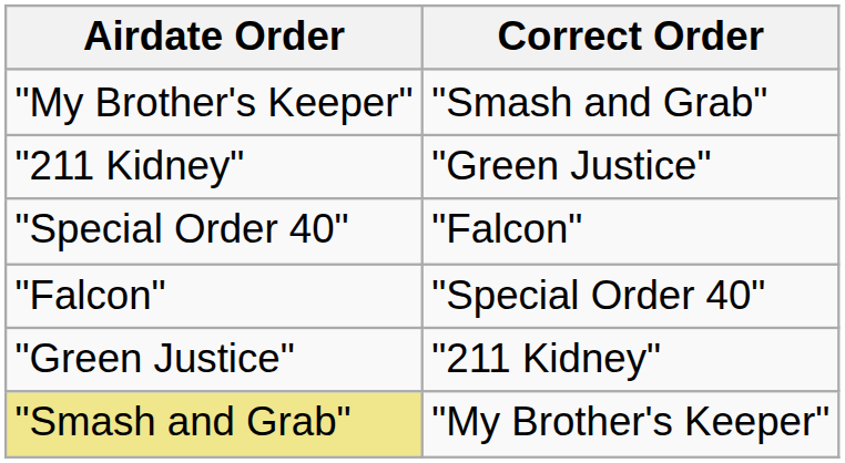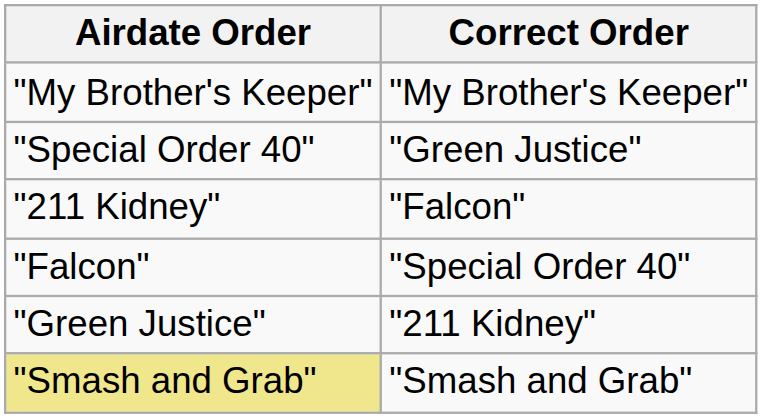 <table class="wikitable">
 <tr>
 <th>Airdate Order</th>
 <th>Correct Order</th>
 </tr>
 <tr>
 <td>"My Brother's Keeper"</td>
-<td>"Smash and Grab"</td>
+<td>"My Brother's Keeper"</td>
+</tr>
+<tr>
+<td>"Special Order 40"</td>
+<td>"Green Justice"</td>
 </tr>
 <tr>
 <td>"211 Kidney"</td>
-<td>"Green Justice"</td>
-</tr>
-<tr>
-<td>"Special Order 40"</td>
 <td>"Falcon"</td>
 </tr>
 <tr>
 <td>"Falcon"</td>
 <td>"Special Order 40"</td>
 </tr>
 <tr>
 <td>"Green Justice"</td>
 <td>"211 Kidney"</td>
 </tr>
 <tr>
 <td style="background: khaki;">"Smash and Grab"</td>
-<td>"My Brother's Keeper"</td>
+<td>"Smash and Grab"</td>
 </tr>
 </table>
